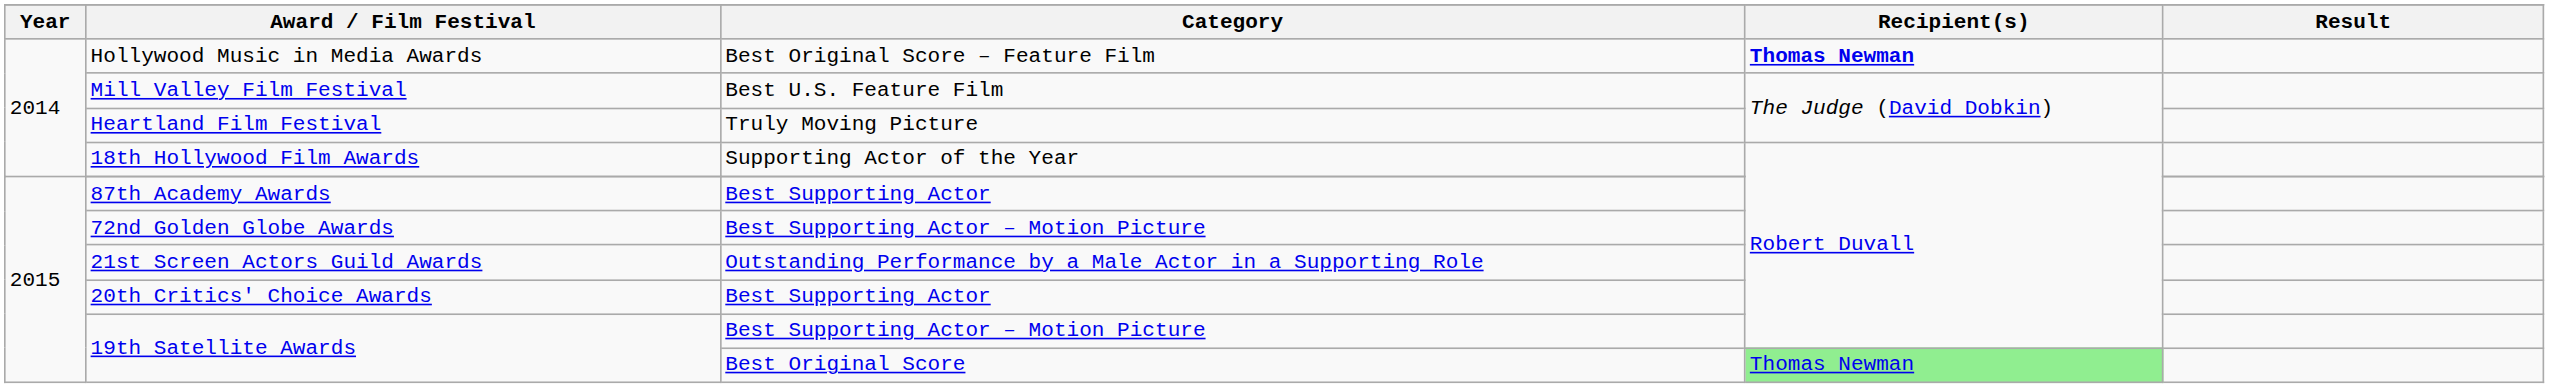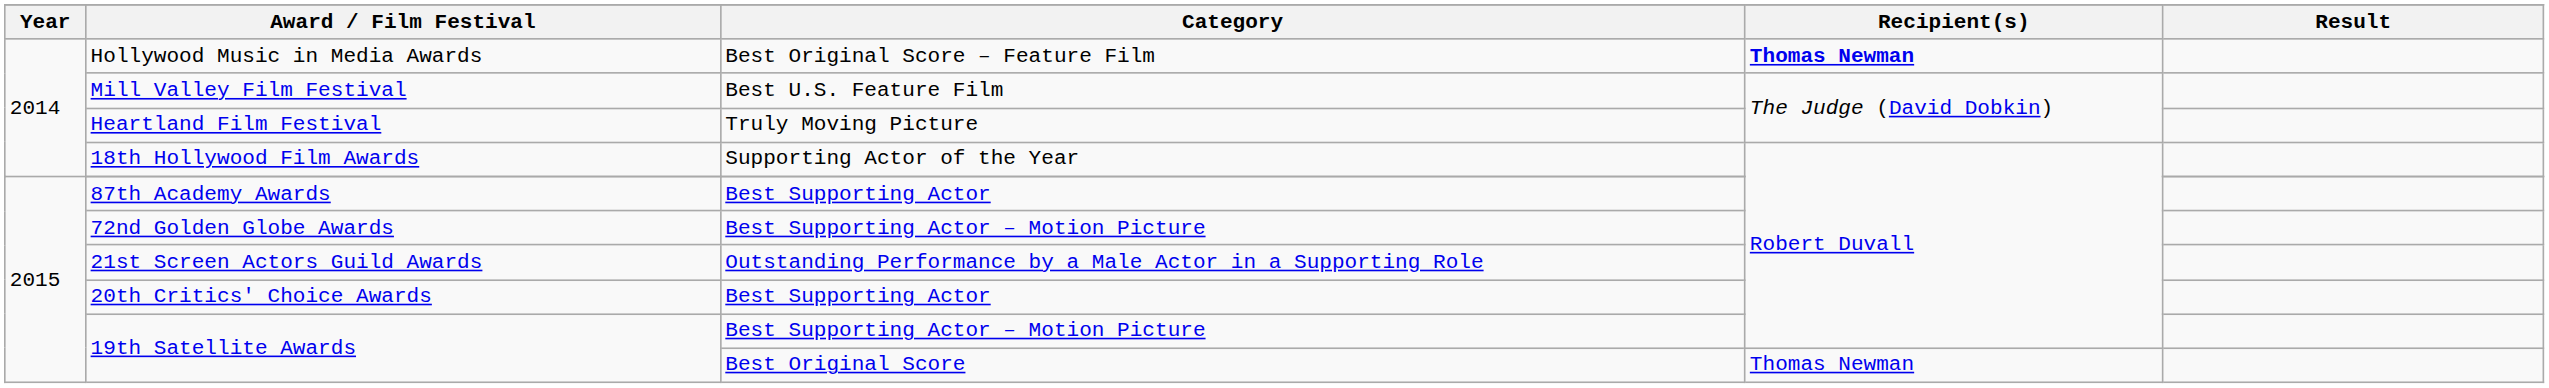 <table class="wikitable sortable" style="width:99%;">
 <tr style="background:#ccc; vertical-align:bottom;">
 </tr>
 <tr>
 <th>Year</th>
 <th width="25%">Award / Film Festival</th>
 <th>Category</th>
 <th>Recipient(s)</th>
 <th width="15%">Result</th>
 </tr>
 <tr>
 <td rowspan="4">2014</td>
 <td>Hollywood Music in Media Awards</td>
 <td>Best Original Score – Feature Film</td>
 <td><strong><a href='#'>Thomas Newman</a></strong></td>
 <td></td>
 </tr>
 <tr>
 <td><a href='#'>Mill Valley Film Festival</a></td>
 <td>Best U.S. Feature Film</td>
 <td rowspan="2"><em>The Judge</em> (<a href='#'>David Dobkin</a>)</td>
 <td></td>
 </tr>
 <tr>
 <td><a href='#'>Heartland Film Festival</a></td>
 <td>Truly Moving Picture</td>
 <td></td>
 </tr>
 <tr>
 <td><a href='#'>18th Hollywood Film Awards</a></td>
 <td>Supporting Actor of the Year</td>
 <td rowspan="7"><a href='#'>Robert Duvall</a></td>
 <td></td>
 </tr>
 <tr>
 <td rowspan="7">2015</td>
 </tr>
 <tr>
 <td><a href='#'>87th Academy Awards</a></td>
 <td><a href='#'>Best Supporting Actor</a></td>
 <td></td>
 </tr>
 <tr>
 <td><a href='#'>72nd Golden Globe Awards</a></td>
 <td><a href='#'>Best Supporting Actor – Motion Picture</a></td>
 <td></td>
 </tr>
 <tr>
 <td><a href='#'>21st Screen Actors Guild Awards</a></td>
 <td><a href='#'>Outstanding Performance by a Male Actor in a Supporting Role</a></td>
 <td></td>
 </tr>
 <tr>
 <td><a href='#'>20th Critics' Choice Awards</a></td>
 <td><a href='#'>Best Supporting Actor</a></td>
 <td></td>
 </tr>
 <tr>
 <td rowspan="2"><a href='#'>19th Satellite Awards</a></td>
 <td><a href='#'>Best Supporting Actor – Motion Picture</a></td>
 <td></td>
 </tr>
 <tr>
 <td><a href='#'>Best Original Score</a></td>
-<td style="background: lightgreen;"><a href='#'>Thomas Newman</a></td>
+<td><a href='#'>Thomas Newman</a></td>
 <td></td>
 </tr>
 </table>
